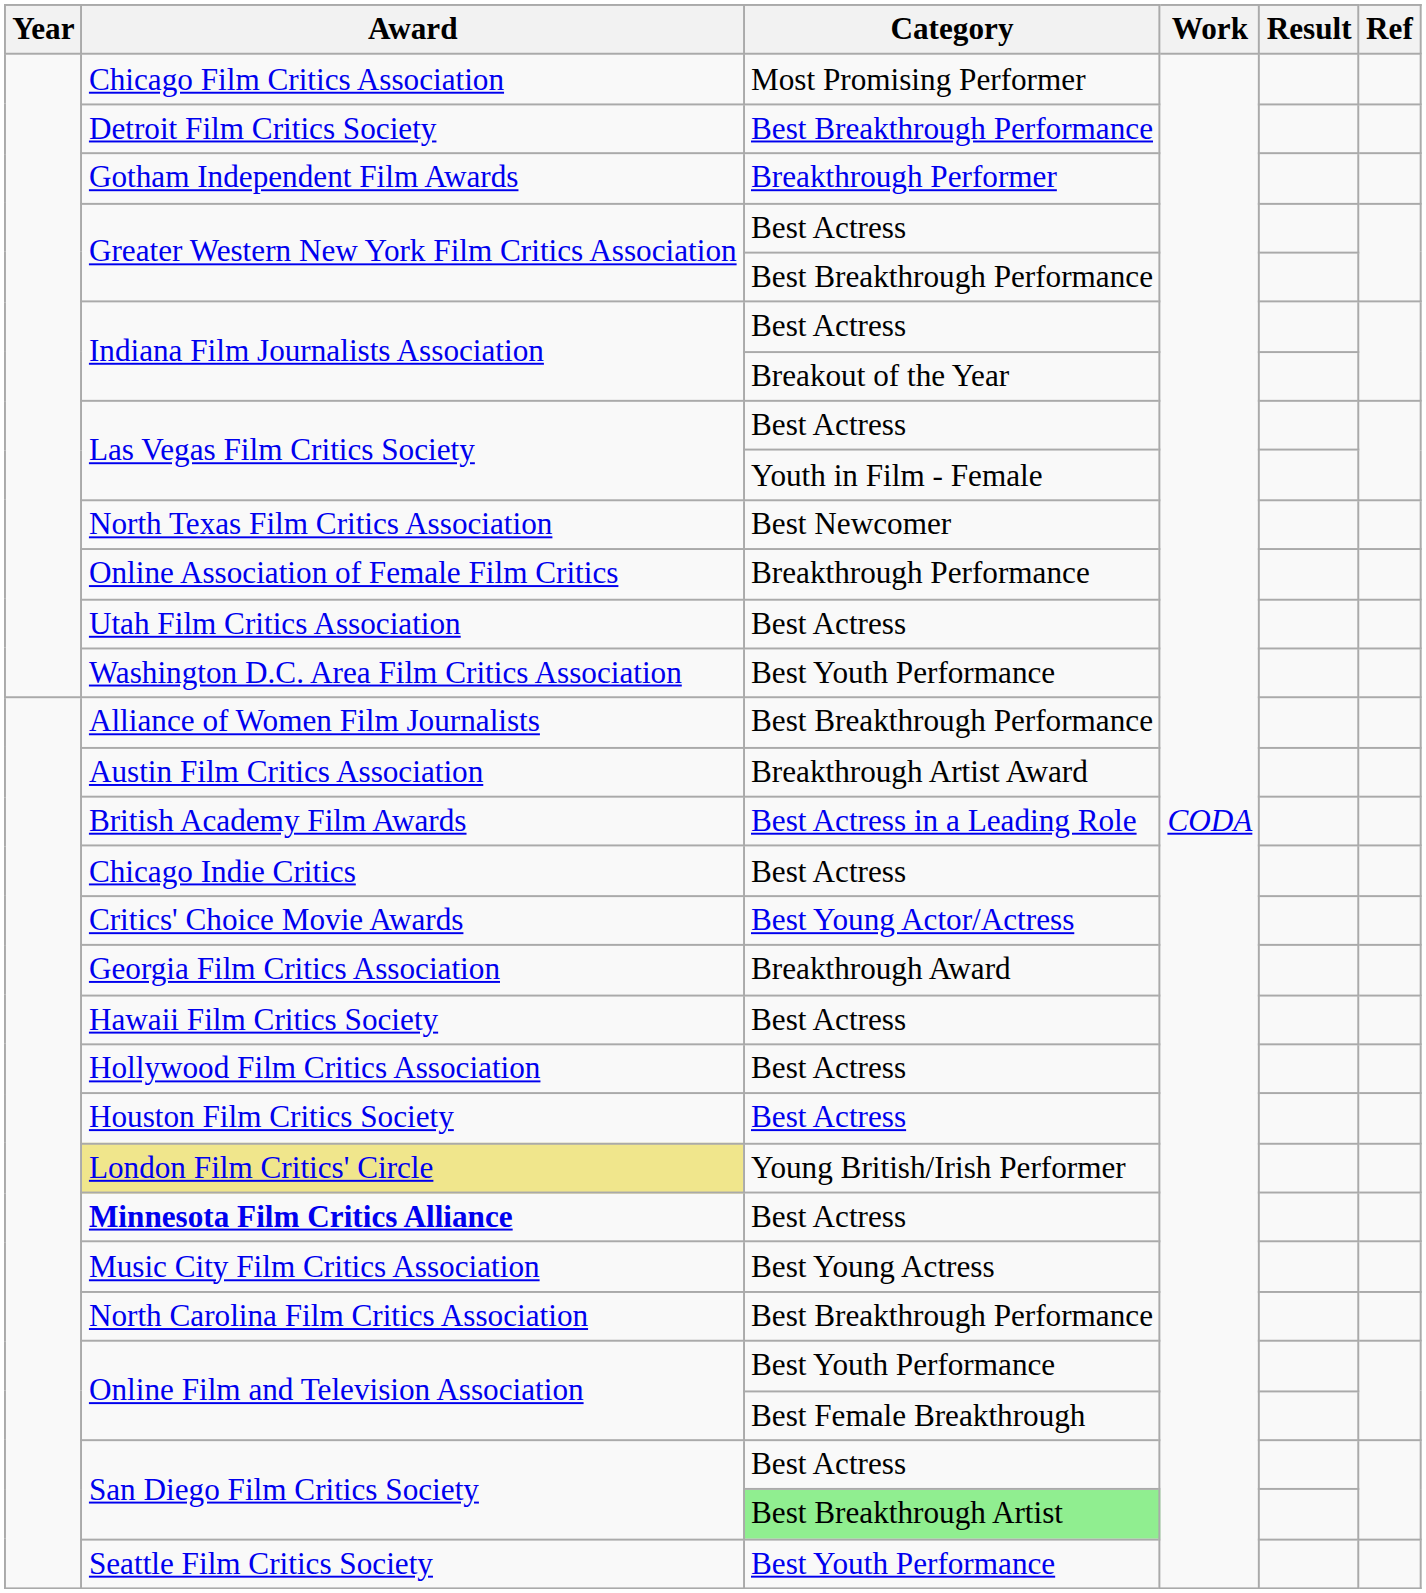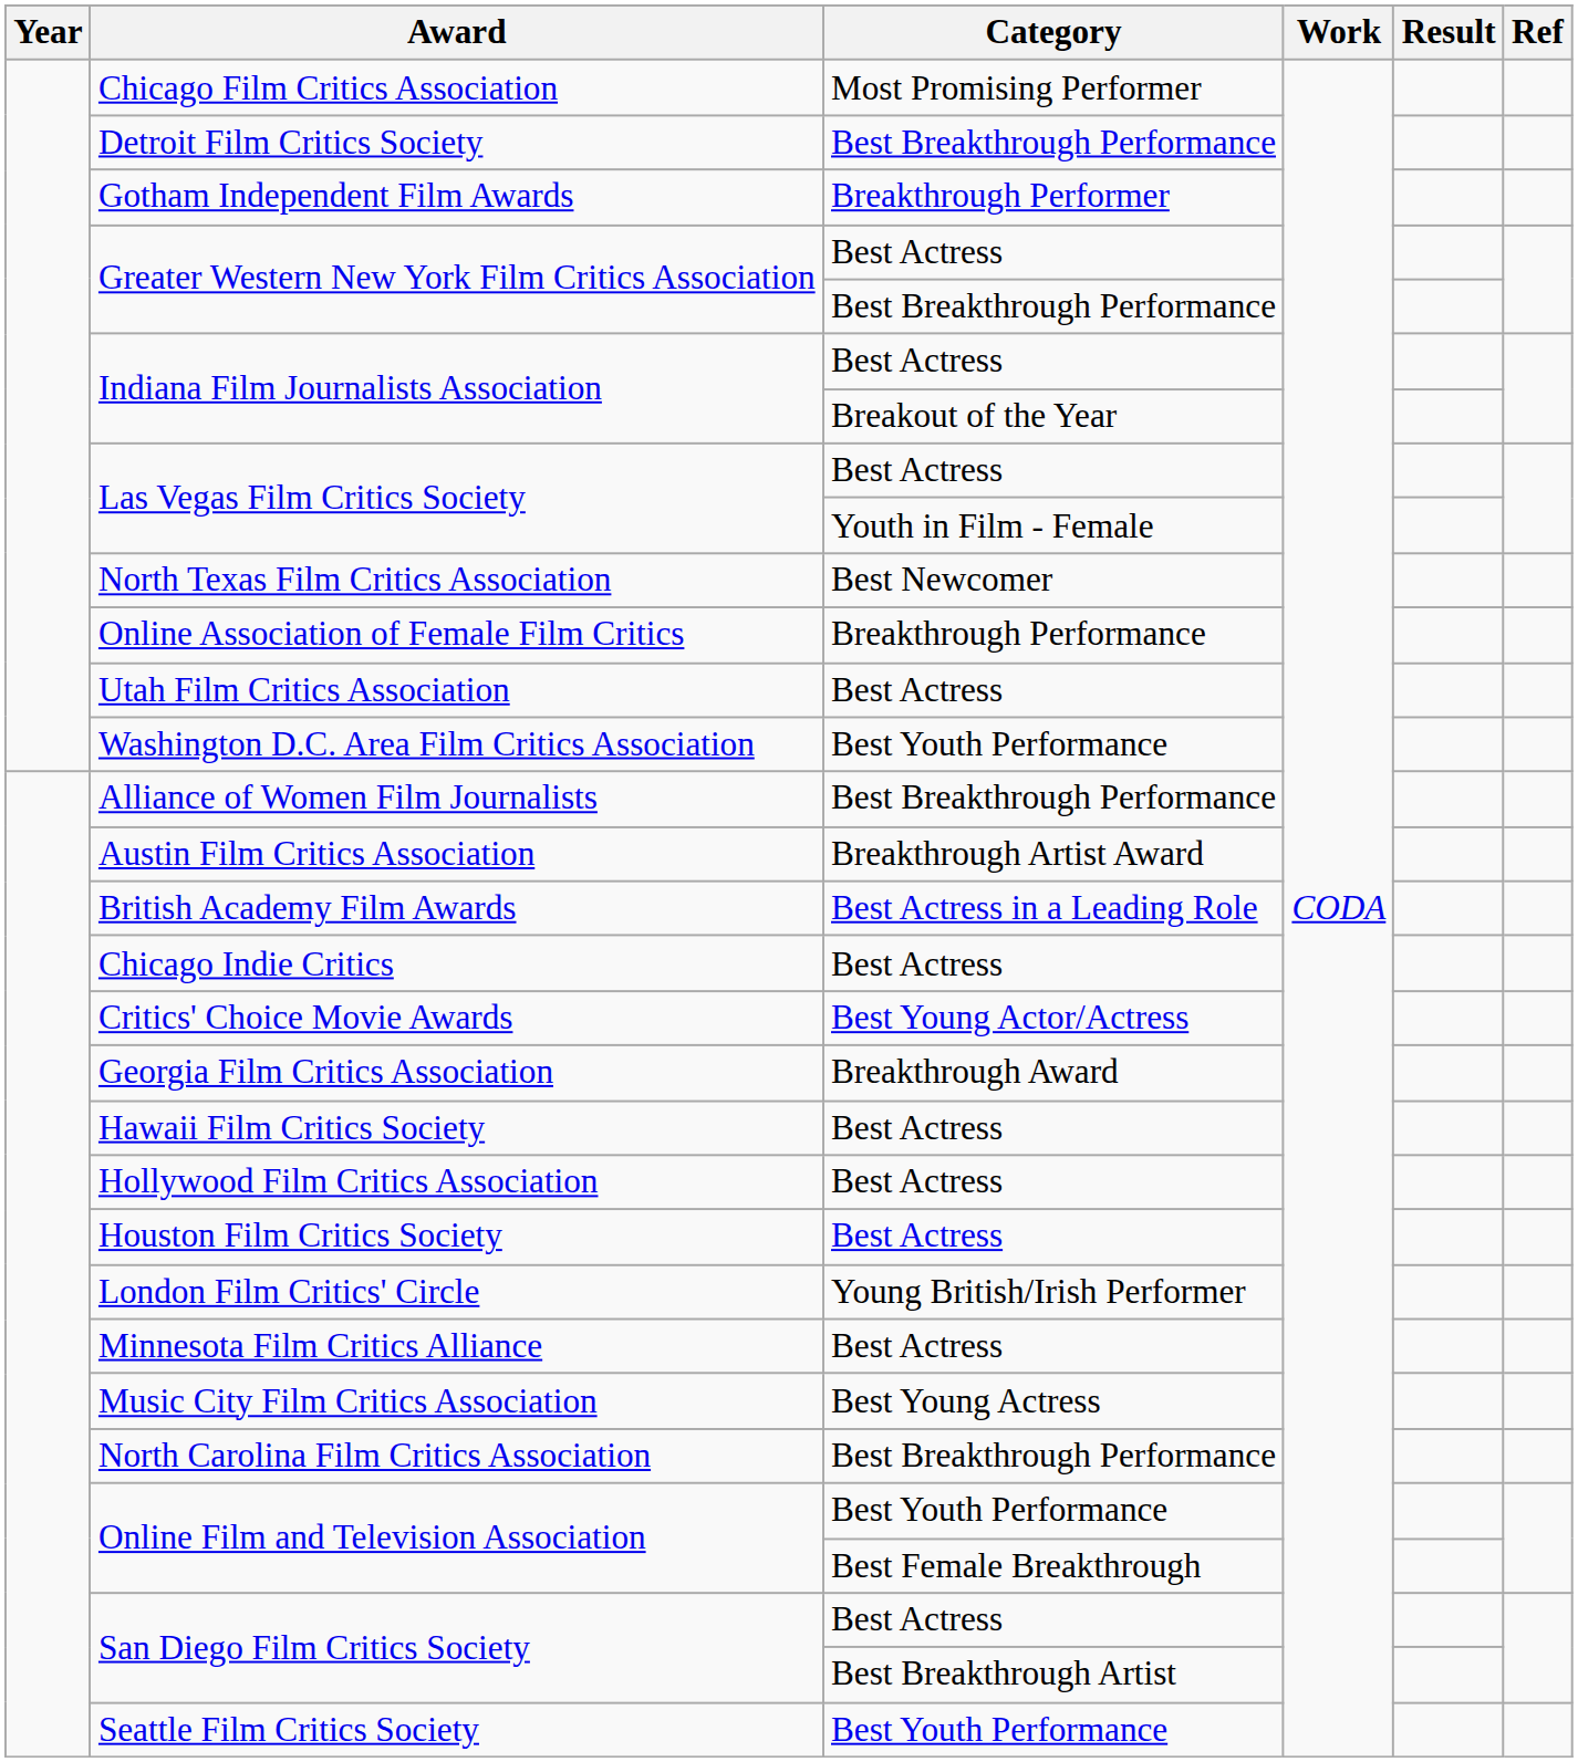 <table class="wikitable sortable">
 <tr>
 <th>Year</th>
 <th>Award</th>
 <th>Category</th>
 <th>Work</th>
 <th>Result</th>
 <th>Ref</th>
 </tr>
 <tr>
 <td rowspan="13"></td>
 <td><a href='#'>Chicago Film Critics Association</a></td>
 <td>Most Promising Performer</td>
 <td rowspan="31" style="text-align:center;"><em><a href='#'>CODA</a></em></td>
 <td></td>
 <td style="text-align: center;"></td>
 </tr>
 <tr>
 <td><a href='#'>Detroit Film Critics Society</a></td>
 <td><a href='#'>Best Breakthrough Performance</a></td>
 <td></td>
 <td style="text-align: center;"></td>
 </tr>
 <tr>
 <td><a href='#'>Gotham Independent Film Awards</a></td>
 <td><a href='#'>Breakthrough Performer</a></td>
 <td></td>
 <td style="text-align: center;"></td>
 </tr>
 <tr>
 <td rowspan=2><a href='#'>Greater Western New York Film Critics Association</a></td>
 <td>Best Actress</td>
 <td></td>
 <td style="text-align:center;" rowspan="2"></td>
 </tr>
 <tr>
 <td>Best Breakthrough Performance</td>
 <td></td>
 </tr>
 <tr>
 <td rowspan=2><a href='#'>Indiana Film Journalists Association</a></td>
 <td>Best Actress</td>
 <td></td>
 <td style="text-align:center;" rowspan="2"></td>
 </tr>
 <tr>
 <td>Breakout of the Year</td>
 <td></td>
 </tr>
 <tr>
 <td rowspan=2><a href='#'>Las Vegas Film Critics Society</a></td>
 <td>Best Actress</td>
 <td></td>
 <td style="text-align:center;" rowspan="2"></td>
 </tr>
 <tr>
 <td>Youth in Film - Female</td>
 <td></td>
 </tr>
 <tr>
 <td><a href='#'>North Texas Film Critics Association</a></td>
 <td>Best Newcomer</td>
 <td></td>
 <td style="text-align: center;"></td>
 </tr>
 <tr>
 <td><a href='#'>Online Association of Female Film Critics</a></td>
 <td>Breakthrough Performance</td>
 <td></td>
 <td style="text-align: center;"></td>
 </tr>
 <tr>
 <td><a href='#'>Utah Film Critics Association</a></td>
 <td>Best Actress</td>
 <td></td>
 <td style="text-align: center;"></td>
 </tr>
 <tr>
 <td><a href='#'>Washington D.C. Area Film Critics Association</a></td>
 <td>Best Youth Performance</td>
 <td></td>
 <td style="text-align: center;"></td>
 </tr>
 <tr>
 <td rowspan="18"></td>
 <td><a href='#'>Alliance of Women Film Journalists</a></td>
 <td>Best Breakthrough Performance</td>
 <td></td>
 <td style="text-align: center;"></td>
 </tr>
 <tr>
 <td><a href='#'>Austin Film Critics Association</a></td>
 <td>Breakthrough Artist Award</td>
 <td></td>
 <td style="text-align: center;"></td>
 </tr>
 <tr>
 <td><a href='#'>British Academy Film Awards</a></td>
 <td><a href='#'>Best Actress in a Leading Role</a></td>
 <td></td>
 <td style="text-align: center;"></td>
 </tr>
 <tr>
 <td><a href='#'>Chicago Indie Critics</a></td>
 <td>Best Actress</td>
 <td></td>
 <td style="text-align: center;"></td>
 </tr>
 <tr>
 <td><a href='#'>Critics' Choice Movie Awards</a></td>
 <td><a href='#'>Best Young Actor/Actress</a></td>
 <td></td>
 <td style="text-align:center;"></td>
 </tr>
 <tr>
 <td><a href='#'>Georgia Film Critics Association</a></td>
 <td>Breakthrough Award</td>
 <td></td>
 <td style="text-align:center;"></td>
 </tr>
 <tr>
 <td><a href='#'>Hawaii Film Critics Society</a></td>
 <td>Best Actress</td>
 <td></td>
 <td style="text-align:center;"></td>
 </tr>
 <tr>
 <td><a href='#'>Hollywood Film Critics Association</a></td>
 <td>Best Actress</td>
 <td></td>
 <td style="text-align:center;"></td>
 </tr>
 <tr>
 <td><a href='#'>Houston Film Critics Society</a></td>
 <td><a href='#'>Best Actress</a></td>
 <td></td>
 <td style="text-align:center;"></td>
 </tr>
 <tr>
-<td style="background: khaki;"><a href='#'>London Film Critics' Circle</a></td>
+<td><a href='#'>London Film Critics' Circle</a></td>
 <td>Young British/Irish Performer</td>
 <td></td>
 <td style="text-align:center;"></td>
 </tr>
 <tr>
-<td><strong><a href='#'>Minnesota Film Critics Alliance</a></strong></td>
+<td><a href='#'>Minnesota Film Critics Alliance</a></td>
 <td>Best Actress</td>
 <td></td>
 <td style="text-align:center;"></td>
 </tr>
 <tr>
 <td><a href='#'>Music City Film Critics Association</a></td>
 <td>Best Young Actress</td>
 <td></td>
 <td style="text-align: center;"></td>
 </tr>
 <tr>
 <td><a href='#'>North Carolina Film Critics Association</a></td>
 <td>Best Breakthrough Performance</td>
 <td></td>
 <td style="text-align: center;"></td>
 </tr>
 <tr>
 <td rowspan=2><a href='#'>Online Film and Television Association</a></td>
 <td>Best Youth Performance</td>
 <td></td>
 <td style="text-align:center;" rowspan="2"></td>
 </tr>
 <tr>
 <td>Best Female Breakthrough</td>
 <td></td>
 </tr>
 <tr>
 <td rowspan=2><a href='#'>San Diego Film Critics Society</a></td>
 <td>Best Actress</td>
 <td></td>
 <td style="text-align:center;" rowspan="2"></td>
 </tr>
 <tr>
-<td style="background: lightgreen;">Best Breakthrough Artist</td>
+<td>Best Breakthrough Artist</td>
 <td></td>
 </tr>
 <tr>
 <td><a href='#'>Seattle Film Critics Society</a></td>
 <td><a href='#'>Best Youth Performance</a></td>
 <td></td>
 <td style="text-align: center;"></td>
 </tr>
 </table>
